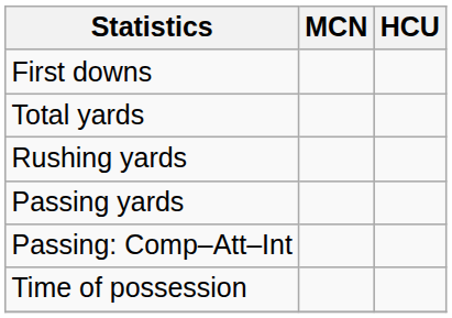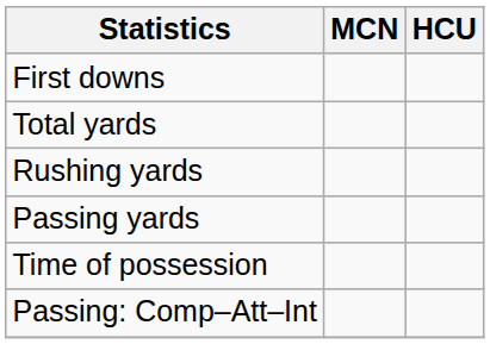 <table class="wikitable" style="float: left;">
 <tr>
 <th>Statistics</th>
 <th>MCN</th>
 <th>HCU</th>
 </tr>
 <tr>
 <td>First downs</td>
 <td></td>
 <td></td>
 </tr>
 <tr>
 <td>Total yards</td>
 <td></td>
 <td></td>
 </tr>
 <tr>
 <td>Rushing yards</td>
 <td></td>
 <td></td>
 </tr>
 <tr>
 <td>Passing yards</td>
 <td></td>
 <td></td>
 </tr>
 <tr>
-<td>Passing: Comp–Att–Int</td>
+<td>Time of possession</td>
 <td></td>
 <td></td>
 </tr>
 <tr>
-<td>Time of possession</td>
+<td>Passing: Comp–Att–Int</td>
 <td></td>
 <td></td>
 </tr>
 <tr>
 </tr>
 </table>
